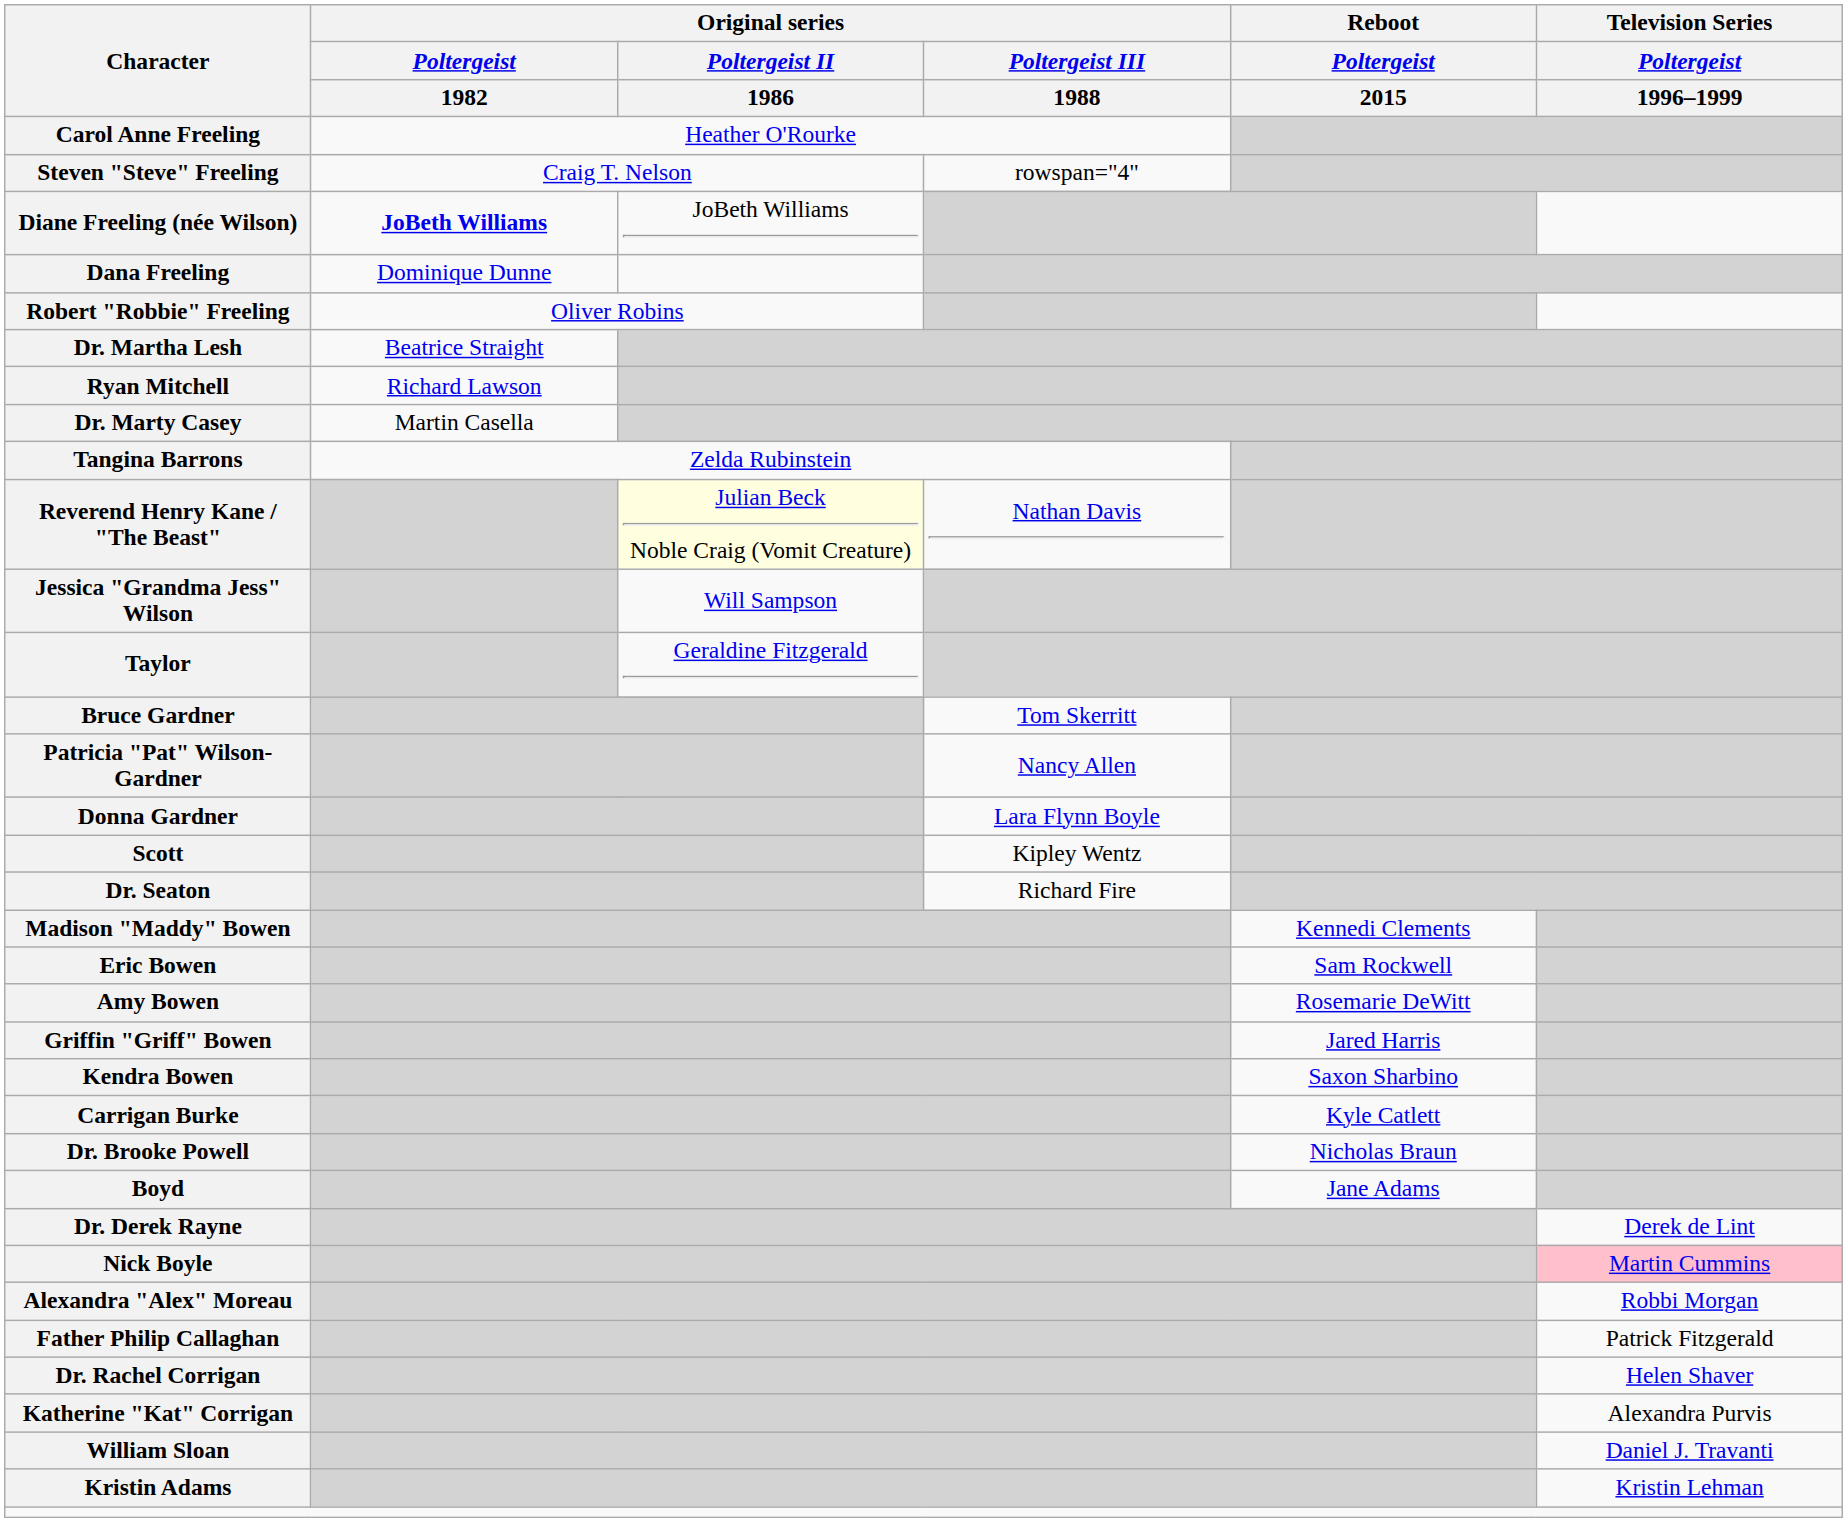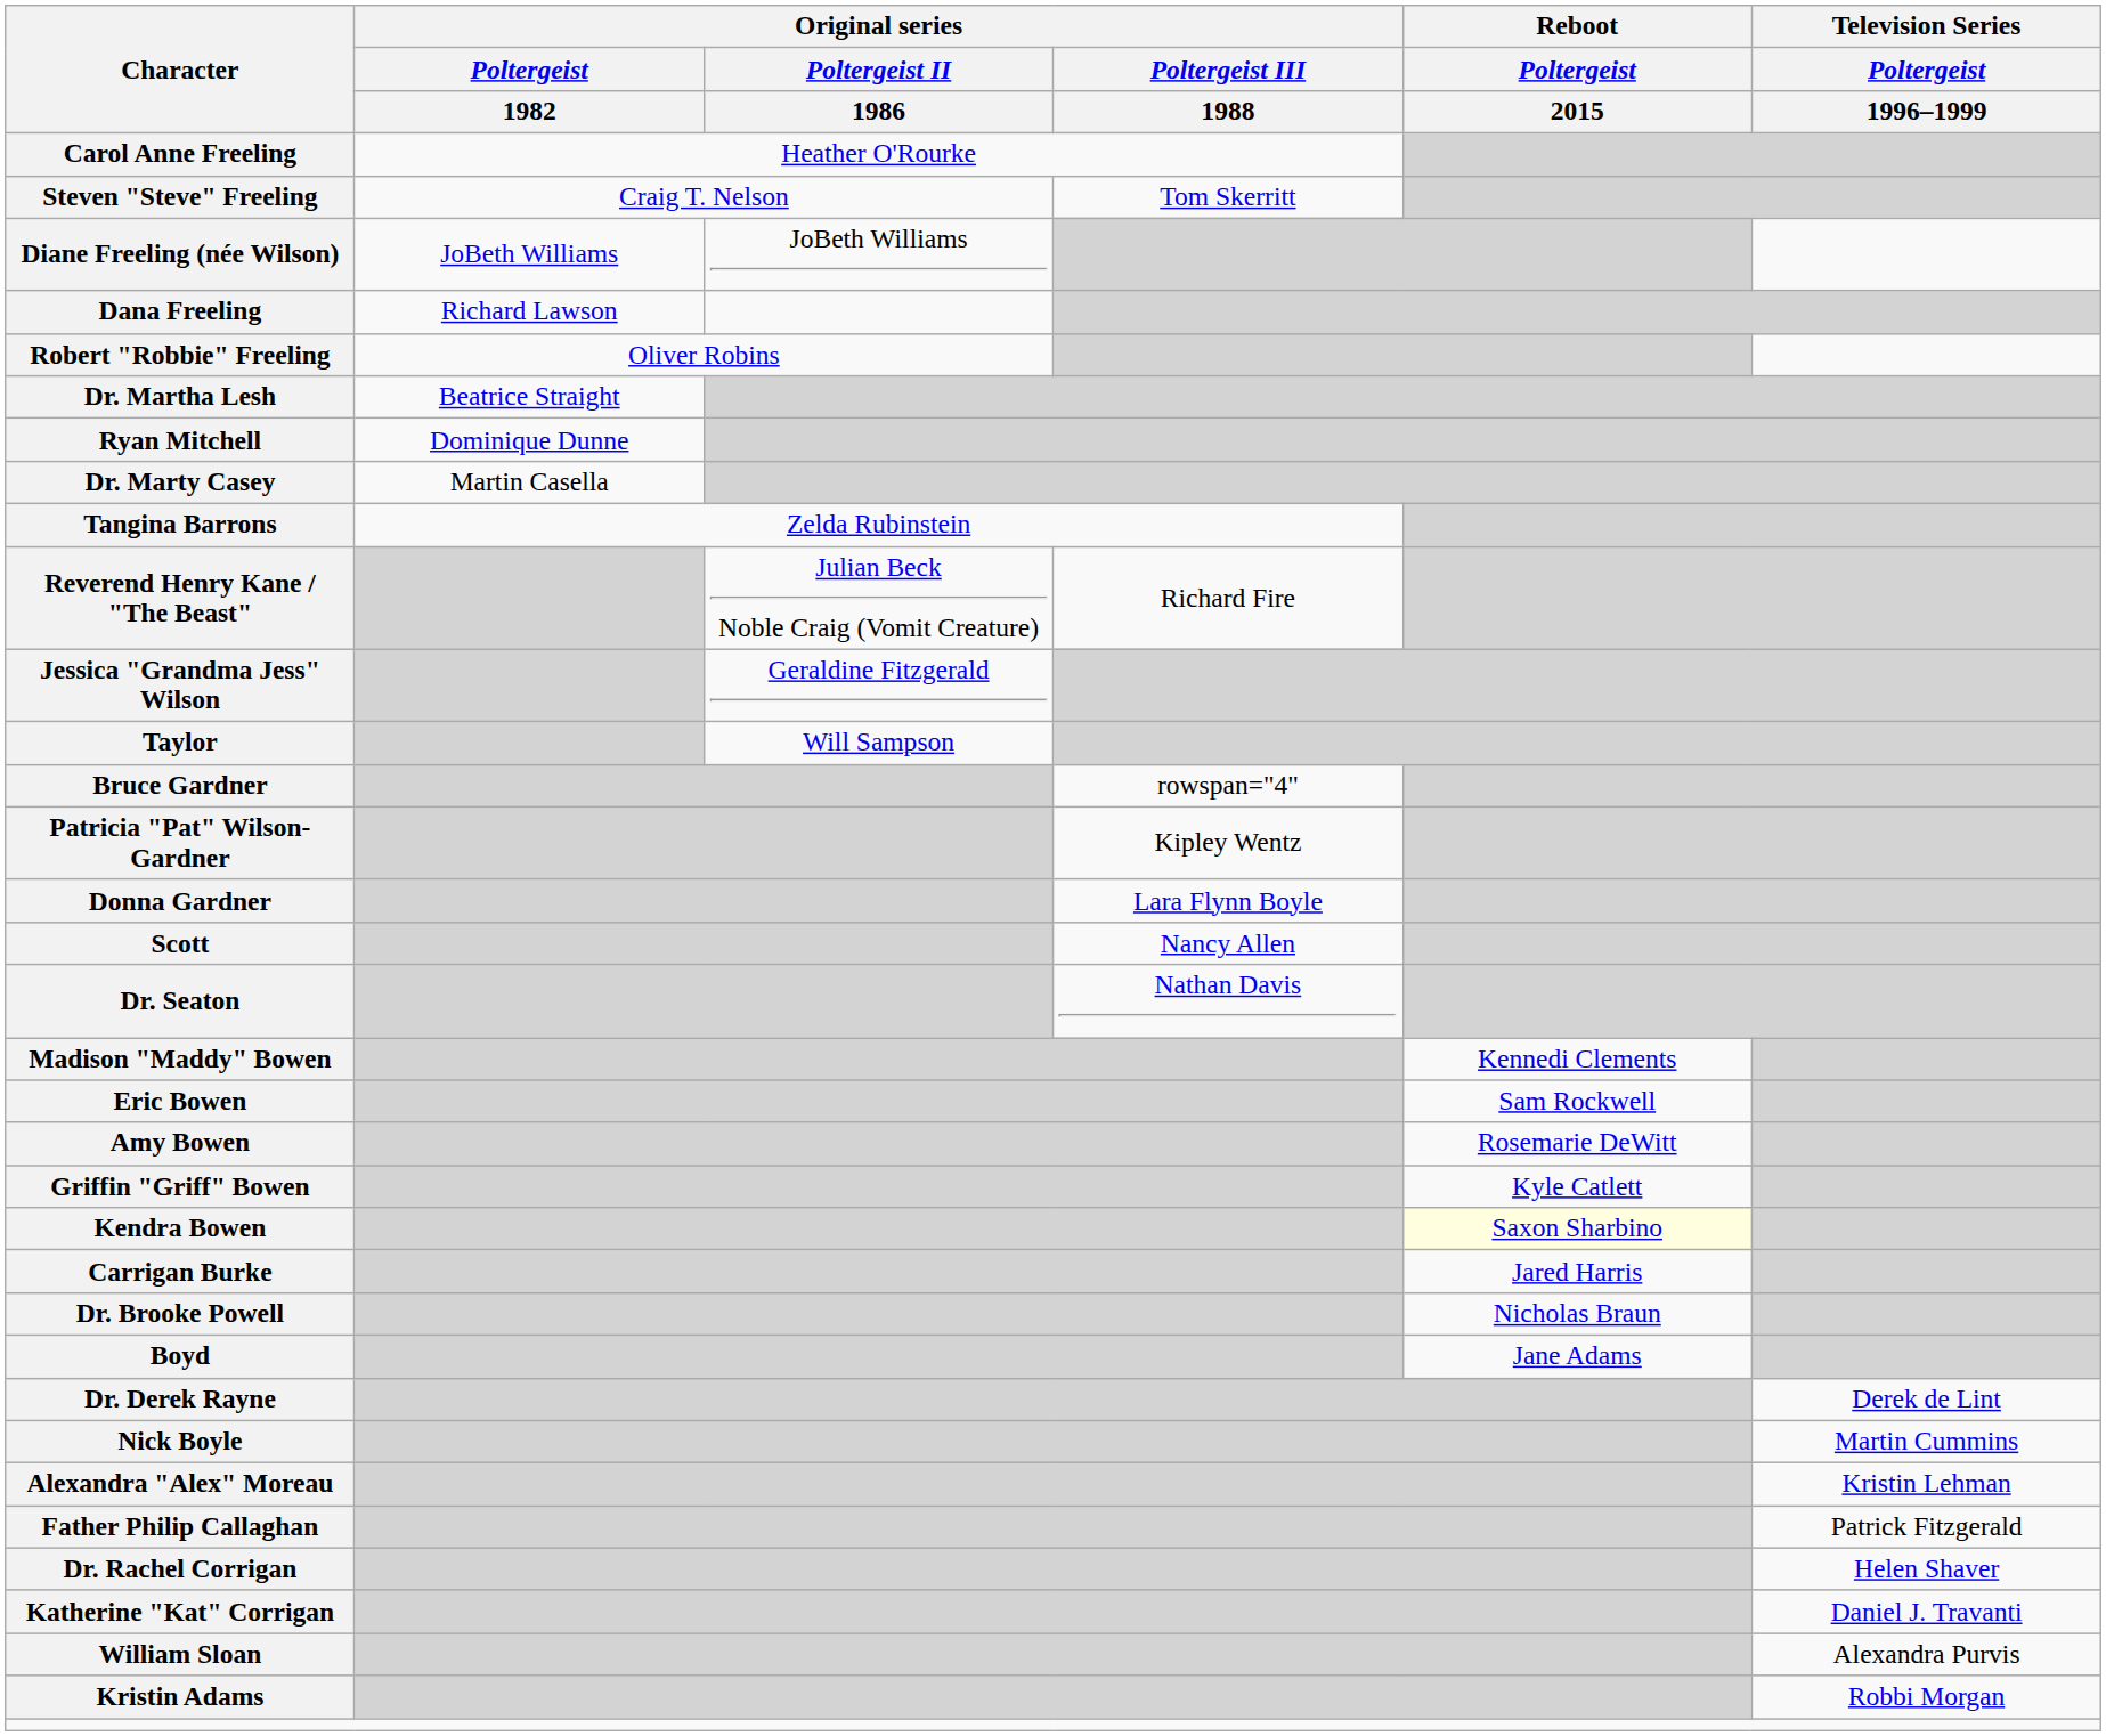 <table class="wikitable" style="text-align:center; width:99%;">
 <tr>
 <th rowspan="3" style="width:15%;">Character</th>
 <th colspan="3" style="text-align:center;">Original series</th>
 <th colspan="1" style="text-align:center;">Reboot</th>
 <th colspan="1" style="text-align:center;">Television Series</th>
 </tr>
 <tr>
 <th style="text-align:center; width:15%;"><em><a href='#'>Poltergeist</a></em></th>
 <th style="text-align:center; width:15%;"><em><a href='#'>Poltergeist II<br></a></em></th>
 <th style="text-align:center; width:15%;"><em><a href='#'>Poltergeist III</a></em></th>
 <th style="text-align:center; width:15%;"><em><a href='#'>Poltergeist</a></em></th>
 <th style="text-align:center; width:15%;"><em><a href='#'>Poltergeist<br></a></em></th>
 </tr>
 <tr>
 <th>1982</th>
 <th>1986</th>
 <th>1988</th>
 <th>2015</th>
 <th>1996–1999</th>
 </tr>
 <tr>
 <th>Carol Anne Freeling</th>
 <td colspan="3"><a href='#'>Heather O'Rourke</a></td>
 <td colspan="2" style="background:#d3d3d3;"></td>
 </tr>
 <tr>
 <th>Steven "Steve" Freeling</th>
 <td colspan="2"><a href='#'>Craig T. Nelson</a></td>
-<td>rowspan="4" </td>
+<td colspan="1"><a href='#'>Tom Skerritt</a></td>
 <td colspan="2" style="background:#d3d3d3;"></td>
 </tr>
 <tr>
 <th>Diane Freeling (née Wilson)</th>
-<td><strong><a href='#'>JoBeth Williams</a></strong></td>
+<td><a href='#'>JoBeth Williams</a></td>
 <td>JoBeth Williams<hr></td>
 <td colspan="2" style="background:#d3d3d3;"></td>
 </tr>
 <tr>
 <th>Dana Freeling</th>
-<td><a href='#'>Dominique Dunne</a></td>
+<td><a href='#'>Richard Lawson</a></td>
 <td></td>
 <td colspan="3" style="background:#d3d3d3;"></td>
 </tr>
 <tr>
 <th>Robert "Robbie" Freeling</th>
 <td colspan="2"><a href='#'>Oliver Robins</a></td>
 <td colspan="2" style="background:#d3d3d3;"></td>
 </tr>
 <tr>
 <th>Dr. Martha Lesh</th>
 <td><a href='#'>Beatrice Straight</a></td>
 <td colspan="4" style="background:#d3d3d3;"></td>
 </tr>
 <tr>
 <th>Ryan Mitchell</th>
-<td><a href='#'>Richard Lawson</a></td>
+<td><a href='#'>Dominique Dunne</a></td>
 <td colspan="4" style="background:#d3d3d3;"></td>
 </tr>
 <tr>
 <th>Dr. Marty Casey</th>
 <td>Martin Casella</td>
 <td colspan="4" style="background:#d3d3d3;"></td>
 </tr>
 <tr>
 <th>Tangina Barrons</th>
 <td colspan="3"><a href='#'>Zelda Rubinstein</a></td>
 <td colspan="2" style="background:#d3d3d3;"></td>
 </tr>
 <tr>
 <th>Reverend Henry Kane / "The Beast"</th>
 <td colspan="1" style="background:#d3d3d3;"></td>
-<td style="background: lightyellow;"><a href='#'>Julian Beck</a><hr>Noble Craig (Vomit Creature)</td>
-<td><a href='#'>Nathan Davis</a><hr></td>
+<td><a href='#'>Julian Beck</a><hr>Noble Craig (Vomit Creature)</td>
+<td colspan="1">Richard Fire</td>
 <td colspan="2" style="background:#d3d3d3;"></td>
 </tr>
 <tr>
 <th>Jessica "Grandma Jess" Wilson</th>
 <td colspan="1" style="background:#d3d3d3;"></td>
-<td><a href='#'>Will Sampson</a></td>
+<td><a href='#'>Geraldine Fitzgerald</a><hr></td>
 <td colspan="3" style="background:#d3d3d3;"></td>
 </tr>
 <tr>
 <th>Taylor</th>
 <td colspan="1" style="background:#d3d3d3;"></td>
-<td><a href='#'>Geraldine Fitzgerald</a><hr></td>
+<td><a href='#'>Will Sampson</a></td>
 <td colspan="3" style="background:#d3d3d3;"></td>
 </tr>
 <tr>
 <th>Bruce Gardner</th>
 <td colspan="2" style="background:#d3d3d3;"></td>
-<td colspan="1"><a href='#'>Tom Skerritt</a></td>
+<td>rowspan="4" </td>
 <td colspan="2" style="background:#d3d3d3;"></td>
 </tr>
 <tr>
 <th>Patricia "Pat" Wilson-Gardner<br></th>
 <td colspan="2" style="background:#d3d3d3;"></td>
-<td colspan="1"><a href='#'>Nancy Allen</a></td>
+<td colspan="1">Kipley Wentz</td>
 <td colspan="2" style="background:#d3d3d3;"></td>
 </tr>
 <tr>
 <th>Donna Gardner</th>
 <td colspan="2" style="background:#d3d3d3;"></td>
 <td colspan="1"><a href='#'>Lara Flynn Boyle</a></td>
 <td colspan="2" style="background:#d3d3d3;"></td>
 </tr>
 <tr>
 <th>Scott</th>
 <td colspan="2" style="background:#d3d3d3;"></td>
-<td colspan="1">Kipley Wentz</td>
+<td colspan="1"><a href='#'>Nancy Allen</a></td>
 <td colspan="2" style="background:#d3d3d3;"></td>
 </tr>
 <tr>
 <th>Dr. Seaton</th>
 <td colspan="2" style="background:#d3d3d3;"></td>
-<td colspan="1">Richard Fire</td>
+<td><a href='#'>Nathan Davis</a><hr></td>
 <td colspan="2" style="background:#d3d3d3;"></td>
 </tr>
 <tr>
 <th>Madison "Maddy" Bowen</th>
 <td colspan="3" style="background:#d3d3d3;"></td>
 <td><a href='#'>Kennedi Clements</a></td>
 <td style="background:#d3d3d3;"></td>
 </tr>
 <tr>
 <th>Eric Bowen</th>
 <td colspan="3" style="background:#d3d3d3;"></td>
 <td><a href='#'>Sam Rockwell</a></td>
 <td style="background:#d3d3d3;"></td>
 </tr>
 <tr>
 <th>Amy Bowen</th>
 <td colspan="3" style="background:#d3d3d3;"></td>
 <td><a href='#'>Rosemarie DeWitt</a></td>
 <td style="background:#d3d3d3;"></td>
 </tr>
 <tr>
 <th>Griffin "Griff" Bowen</th>
 <td colspan="3" style="background:#d3d3d3;"></td>
-<td><a href='#'>Jared Harris</a></td>
+<td><a href='#'>Kyle Catlett</a></td>
 <td style="background:#d3d3d3;"></td>
 </tr>
 <tr>
 <th>Kendra Bowen</th>
 <td colspan="3" style="background:#d3d3d3;"></td>
-<td><a href='#'>Saxon Sharbino</a></td>
+<td style="background: lightyellow;"><a href='#'>Saxon Sharbino</a></td>
 <td style="background:#d3d3d3;"></td>
 </tr>
 <tr>
 <th>Carrigan Burke</th>
 <td colspan="3" style="background:#d3d3d3;"></td>
-<td><a href='#'>Kyle Catlett</a></td>
+<td><a href='#'>Jared Harris</a></td>
 <td style="background:#d3d3d3;"></td>
 </tr>
 <tr>
 <th>Dr. Brooke Powell</th>
 <td colspan="3" style="background:#d3d3d3;"></td>
 <td><a href='#'>Nicholas Braun</a></td>
 <td style="background:#d3d3d3;"></td>
 </tr>
 <tr>
 <th>Boyd</th>
 <td colspan="3" style="background:#d3d3d3;"></td>
 <td><a href='#'>Jane Adams</a></td>
 <td style="background:#d3d3d3;"></td>
 </tr>
 <tr>
 <th>Dr. Derek Rayne</th>
 <td colspan="4" style="background:#d3d3d3;"></td>
 <td><a href='#'>Derek de Lint</a></td>
 </tr>
 <tr>
 <th>Nick Boyle</th>
 <td colspan="4" style="background:#d3d3d3;"></td>
-<td style="background: pink;"><a href='#'>Martin Cummins</a></td>
+<td><a href='#'>Martin Cummins</a></td>
 </tr>
 <tr>
 <th>Alexandra "Alex" Moreau</th>
 <td colspan="4" style="background:#d3d3d3;"></td>
-<td><a href='#'>Robbi Morgan</a></td>
+<td><a href='#'>Kristin Lehman</a></td>
 </tr>
 <tr>
 <th>Father Philip Callaghan</th>
 <td colspan="4" style="background:#d3d3d3;"></td>
 <td>Patrick Fitzgerald</td>
 </tr>
 <tr>
 <th>Dr. Rachel Corrigan</th>
 <td colspan="4" style="background:#d3d3d3;"></td>
 <td><a href='#'>Helen Shaver</a></td>
 </tr>
 <tr>
 <th>Katherine "Kat" Corrigan</th>
 <td colspan="4" style="background:#d3d3d3;"></td>
-<td>Alexandra Purvis</td>
+<td><a href='#'>Daniel J. Travanti</a></td>
 </tr>
 <tr>
 <th>William Sloan</th>
 <td colspan="4" style="background:#d3d3d3;"></td>
-<td><a href='#'>Daniel J. Travanti</a></td>
+<td>Alexandra Purvis</td>
 </tr>
 <tr>
 <th>Kristin Adams</th>
 <td colspan="4" style="background:#d3d3d3;"></td>
-<td><a href='#'>Kristin Lehman</a></td>
+<td><a href='#'>Robbi Morgan</a></td>
 </tr>
 <tr>
 <td style="text-align:left;" colspan="6"></td>
 </tr>
 </table>
